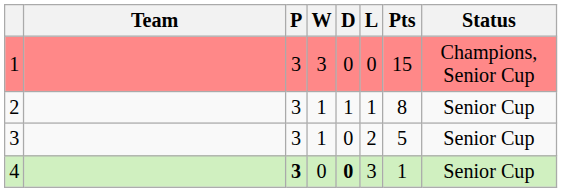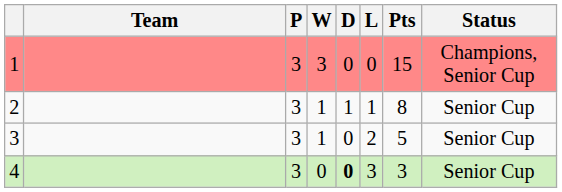 <table class="wikitable" style="text-align:center;">
 <tr>
 <th></th>
 <th width="200px">Team</th>
 <th>P</th>
 <th>W</th>
 <th>D</th>
 <th>L</th>
 <th width="23px">Pts</th>
 <th width="100px">Status</th>
 </tr>
 <tr bgcolor="#FF8888">
 <td>1</td>
 <td></td>
 <td>3</td>
 <td>3</td>
 <td>0</td>
 <td>0</td>
 <td>15</td>
 <td>Champions, Senior Cup</td>
 </tr>
 <tr>
 <td>2</td>
 <td></td>
 <td>3</td>
 <td>1</td>
 <td>1</td>
 <td>1</td>
 <td>8</td>
 <td>Senior Cup</td>
 </tr>
 <tr>
 <td>3</td>
 <td></td>
 <td>3</td>
 <td>1</td>
 <td>0</td>
 <td>2</td>
 <td>5</td>
 <td>Senior Cup</td>
 </tr>
 <tr bgcolor="#D0F0C0">
 <td>4</td>
 <td></td>
-<td><strong>3</strong></td>
+<td>3</td>
 <td>0</td>
 <td><strong>0</strong></td>
 <td>3</td>
-<td>1</td>
+<td>3</td>
 <td>Senior Cup</td>
 </tr>
 </table>
